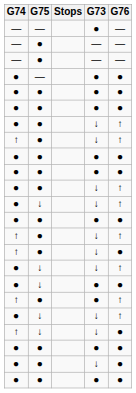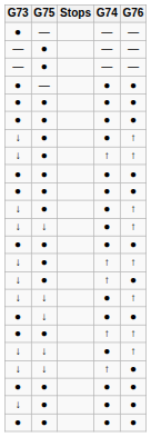 <table class="wikitable" style="text-align: center">
 <tr>
-<th>G74</th>
+<th>G73</th>
 <th>G75</th>
 <th>Stops</th>
-<th>G73</th>
+<th>G74</th>
 <th>G76</th>
 </tr>
 <tr>
-<td>—</td>
+<td>●</td>
 <td>—</td>
 <td></td>
-<td>●</td>
+<td>—</td>
 <td>—</td>
 </tr>
 <tr>
 <td>—</td>
 <td>●</td>
 <td></td>
 <td>—</td>
 <td>—</td>
 </tr>
 <tr>
 <td>—</td>
 <td>●</td>
 <td></td>
 <td>—</td>
 <td>—</td>
 </tr>
 <tr>
 <td>●</td>
 <td>—</td>
 <td><strong></strong></td>
 <td>●</td>
 <td>●</td>
 </tr>
 <tr>
 <td>●</td>
 <td>●</td>
 <td></td>
 <td>●</td>
 <td>●</td>
 </tr>
 <tr>
 <td>●</td>
 <td>●</td>
 <td></td>
 <td>●</td>
 <td>●</td>
 </tr>
 <tr>
-<td>●</td>
+<td>↓</td>
 <td>●</td>
 <td></td>
-<td>↓</td>
+<td>●</td>
 <td>↑</td>
 </tr>
 <tr>
-<td>↑</td>
+<td>↓</td>
 <td>●</td>
 <td></td>
-<td>↓</td>
+<td>↑</td>
 <td>↑</td>
 </tr>
 <tr>
 <td>●</td>
 <td>●</td>
 <td></td>
 <td>●</td>
 <td>●</td>
 </tr>
 <tr>
 <td>●</td>
 <td>●</td>
 <td><strong></strong></td>
 <td>●</td>
 <td>●</td>
 </tr>
 <tr>
-<td>●</td>
+<td>↓</td>
 <td>●</td>
 <td></td>
-<td>↓</td>
+<td>●</td>
 <td>↑</td>
 </tr>
 <tr>
-<td>●</td>
+<td>↓</td>
 <td>↓</td>
 <td></td>
-<td>↓</td>
+<td>●</td>
 <td>↑</td>
 </tr>
 <tr>
 <td>●</td>
 <td>●</td>
 <td><strong></strong></td>
 <td>●</td>
 <td>●</td>
 </tr>
 <tr>
-<td>↑</td>
+<td>↓</td>
 <td>●</td>
 <td></td>
-<td>↓</td>
+<td>↑</td>
 <td>↑</td>
 </tr>
 <tr>
-<td>↑</td>
+<td>↓</td>
 <td>●</td>
 <td></td>
-<td>↓</td>
+<td>↑</td>
 <td>●</td>
 </tr>
 <tr>
-<td>●</td>
+<td>↓</td>
 <td>↓</td>
 <td></td>
-<td>↓</td>
+<td>●</td>
 <td>↑</td>
 </tr>
 <tr>
 <td>●</td>
 <td>↓</td>
 <td></td>
 <td>●</td>
 <td>●</td>
 </tr>
 <tr>
+<td>●</td>
+<td>●</td>
+<td></td>
 <td>↑</td>
-<td>●</td>
+<td>↑</td>
+</tr>
+<tr>
+<td>↓</td>
+<td>↓</td>
 <td></td>
 <td>●</td>
 <td>↑</td>
 </tr>
 <tr>
-<td>●</td>
+<td>↓</td>
 <td>↓</td>
 <td></td>
-<td>↓</td>
 <td>↑</td>
-</tr>
-<tr>
-<td>↑</td>
-<td>↓</td>
-<td></td>
-<td>↓</td>
 <td>●</td>
 </tr>
 <tr>
 <td>●</td>
 <td>●</td>
 <td><strong></strong></td>
 <td>●</td>
 <td>●</td>
 </tr>
 <tr>
-<td>●</td>
+<td>↓</td>
 <td>●</td>
 <td></td>
-<td>↓</td>
+<td>●</td>
 <td>●</td>
 </tr>
 <tr>
 <td>●</td>
 <td>●</td>
 <td><strong></strong></td>
 <td>●</td>
 <td>●</td>
 </tr>
 </table>
